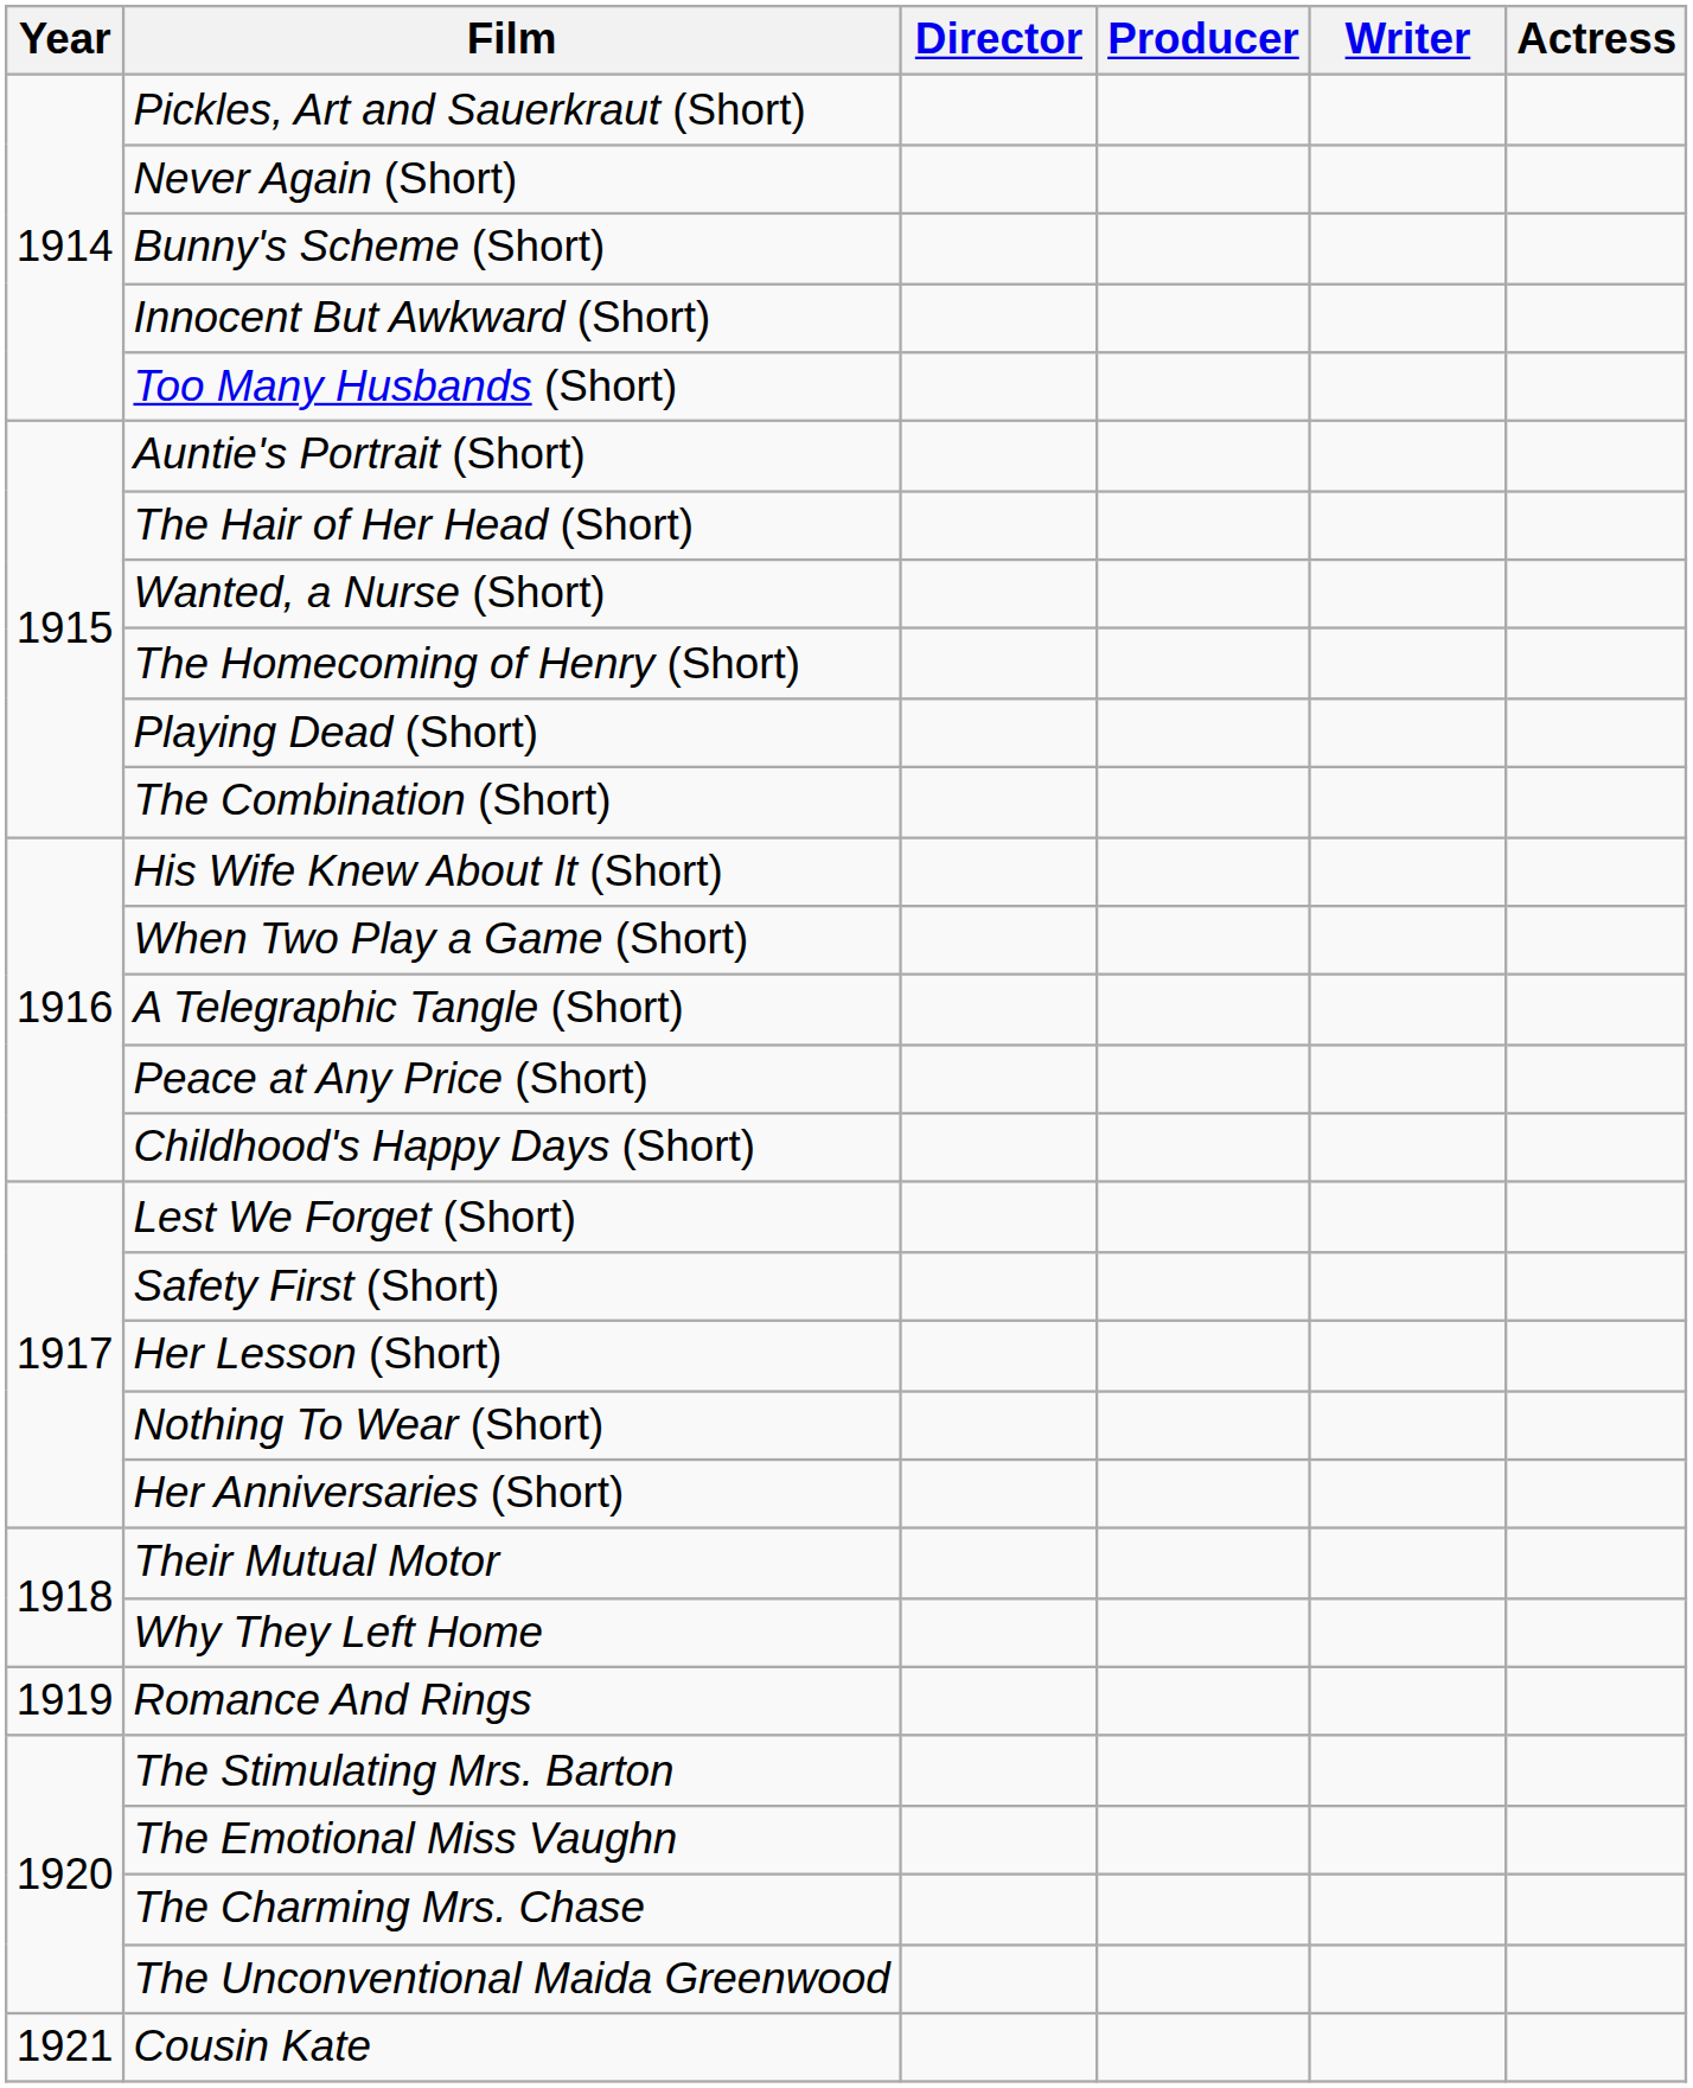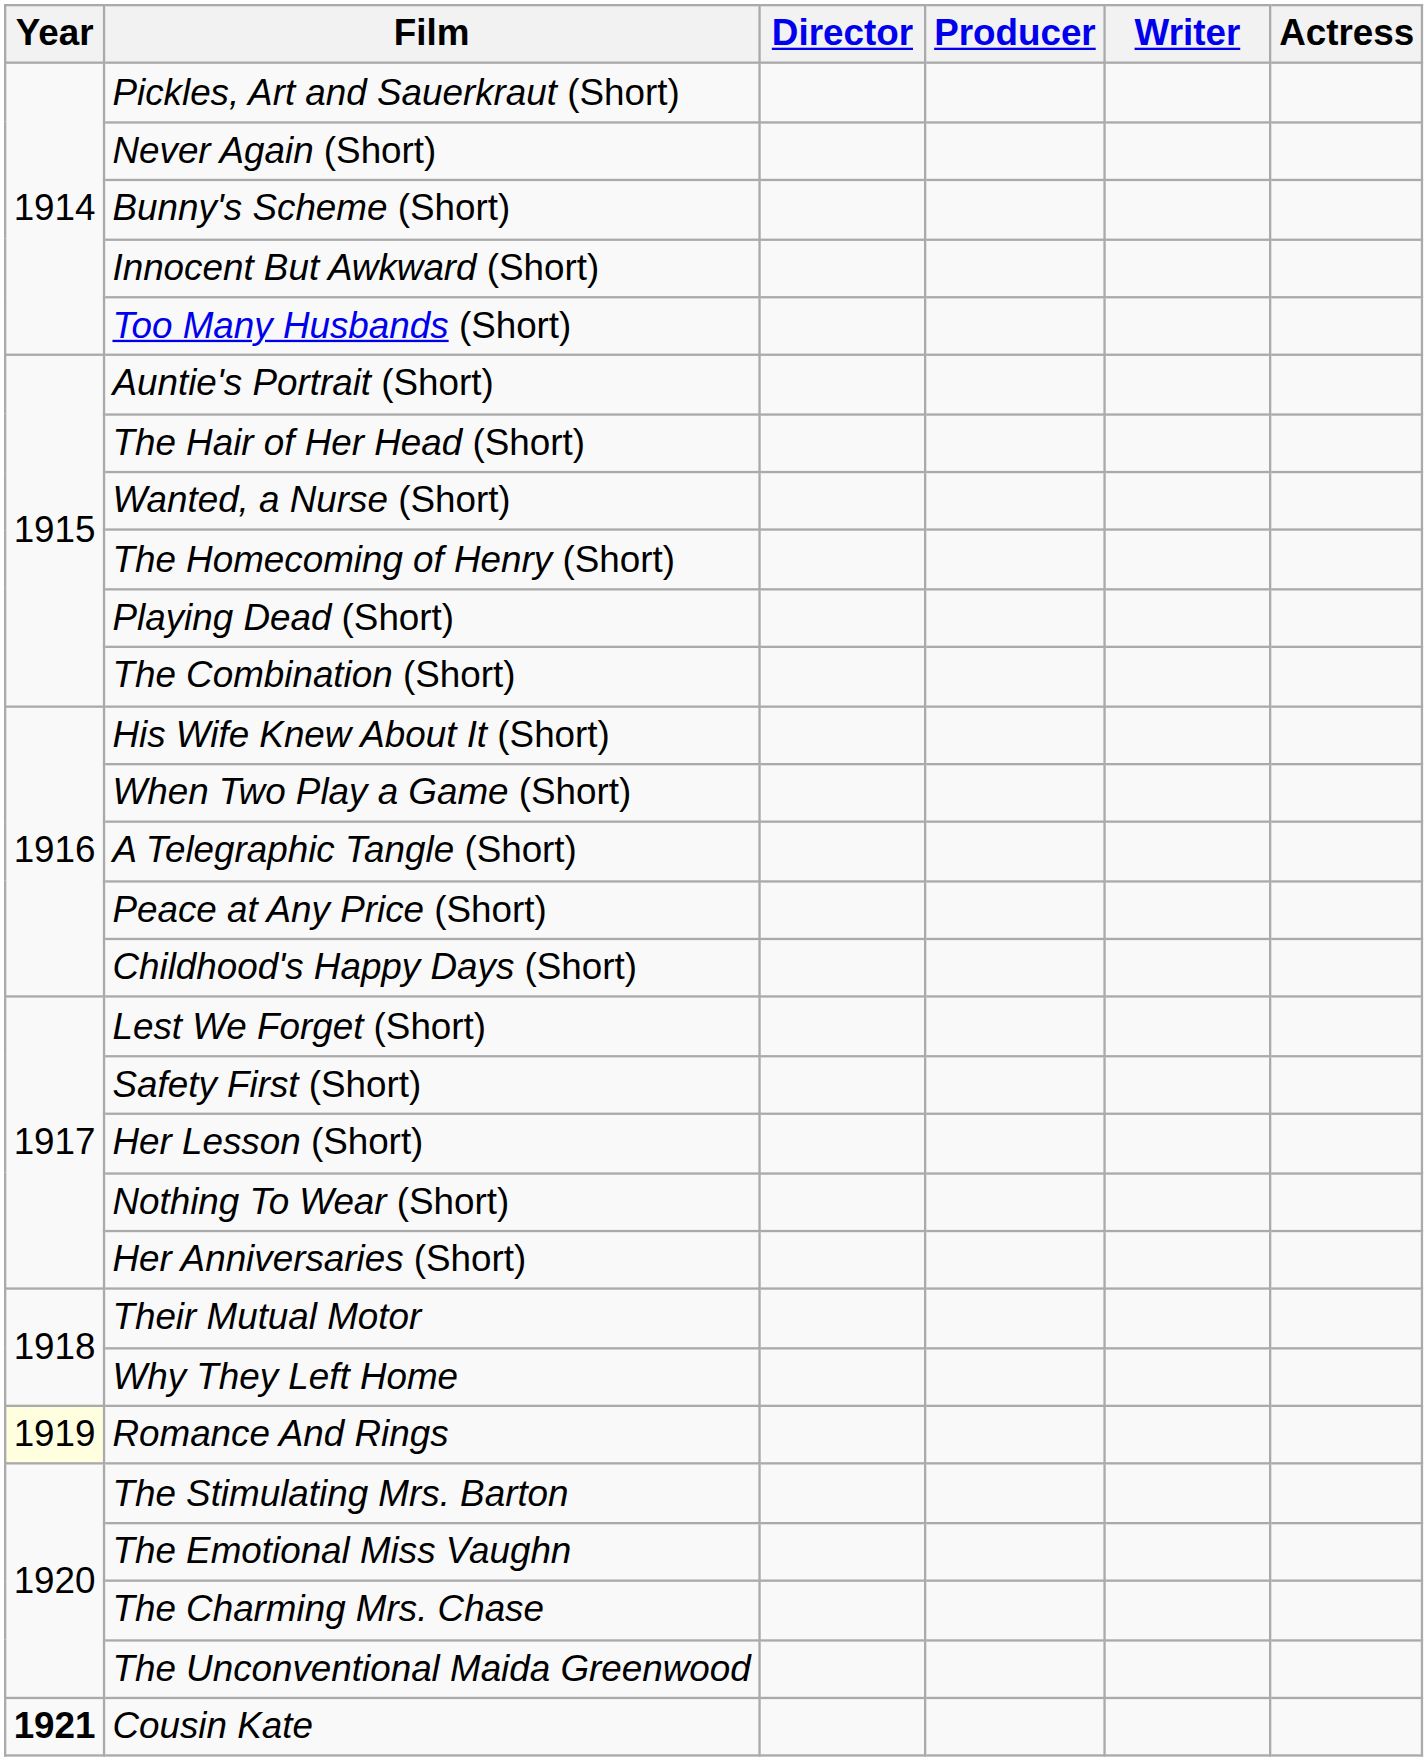 <table class="wikitable sortable" style="text-align:center">
 <tr>
 <th style="width:33px;">Year</th>
 <th>Film</th>
 <th style="width:65px;"><a href='#'>Director</a></th>
 <th width=65><a href='#'>Producer</a></th>
 <th width=65><a href='#'>Writer</a></th>
 <th>Actress</th>
 </tr>
 <tr>
 <td rowspan="5">1914</td>
 <td style="text-align:left"><em>Pickles, Art and Sauerkraut</em> (Short)</td>
 <td></td>
 <td></td>
 <td></td>
 <td></td>
 </tr>
 <tr>
 <td style="text-align:left"><em>Never Again</em> (Short)</td>
 <td></td>
 <td></td>
 <td></td>
 <td></td>
 </tr>
 <tr>
 <td style="text-align:left"><em>Bunny's Scheme</em> (Short)</td>
 <td></td>
 <td></td>
 <td></td>
 <td></td>
 </tr>
 <tr>
 <td style="text-align:left"><em>Innocent But Awkward</em> (Short)</td>
 <td></td>
 <td></td>
 <td></td>
 <td></td>
 </tr>
 <tr>
 <td style="text-align:left"><em><a href='#'>Too Many Husbands</a></em> (Short)</td>
 <td></td>
 <td></td>
 <td></td>
 <td></td>
 </tr>
 <tr>
 <td rowspan="6">1915</td>
 <td style="text-align:left"><em>Auntie's Portrait</em> (Short)</td>
 <td></td>
 <td></td>
 <td></td>
 <td></td>
 </tr>
 <tr>
 <td style="text-align:left"><em>The Hair of Her Head</em> (Short)</td>
 <td></td>
 <td></td>
 <td></td>
 <td></td>
 </tr>
 <tr>
 <td style="text-align:left"><em>Wanted, a Nurse</em> (Short)</td>
 <td></td>
 <td></td>
 <td></td>
 <td></td>
 </tr>
 <tr>
 <td style="text-align:left"><em>The Homecoming of Henry</em> (Short)</td>
 <td></td>
 <td></td>
 <td></td>
 <td></td>
 </tr>
 <tr>
 <td style="text-align:left"><em>Playing Dead</em> (Short)</td>
 <td></td>
 <td></td>
 <td></td>
 <td></td>
 </tr>
 <tr>
 <td style="text-align:left"><em>The Combination</em> (Short)</td>
 <td></td>
 <td></td>
 <td></td>
 <td></td>
 </tr>
 <tr>
 <td rowspan="5">1916</td>
 <td style="text-align:left"><em>His Wife Knew About It</em> (Short)</td>
 <td></td>
 <td></td>
 <td></td>
 <td></td>
 </tr>
 <tr>
 <td style="text-align:left"><em>When Two Play a Game</em> (Short)</td>
 <td></td>
 <td></td>
 <td></td>
 <td></td>
 </tr>
 <tr>
 <td style="text-align:left"><em>A Telegraphic Tangle</em> (Short)</td>
 <td></td>
 <td></td>
 <td></td>
 <td></td>
 </tr>
 <tr>
 <td style="text-align:left"><em>Peace at Any Price</em> (Short)</td>
 <td></td>
 <td></td>
 <td></td>
 <td></td>
 </tr>
 <tr>
 <td style="text-align:left"><em>Childhood's Happy Days</em> (Short)</td>
 <td></td>
 <td></td>
 <td></td>
 <td></td>
 </tr>
 <tr>
 <td rowspan="5">1917</td>
 <td style="text-align:left"><em>Lest We Forget</em> (Short)</td>
 <td></td>
 <td></td>
 <td></td>
 <td></td>
 </tr>
 <tr>
 <td style="text-align:left"><em>Safety First</em> (Short)</td>
 <td></td>
 <td></td>
 <td></td>
 <td></td>
 </tr>
 <tr>
 <td style="text-align:left"><em>Her Lesson</em> (Short)</td>
 <td></td>
 <td></td>
 <td></td>
 <td></td>
 </tr>
 <tr>
 <td style="text-align:left"><em>Nothing To Wear</em> (Short)</td>
 <td></td>
 <td></td>
 <td></td>
 <td></td>
 </tr>
 <tr>
 <td style="text-align:left"><em>Her Anniversaries</em> (Short)</td>
 <td></td>
 <td></td>
 <td></td>
 <td></td>
 </tr>
 <tr>
 <td rowspan="2">1918</td>
 <td style="text-align:left"><em>Their Mutual Motor</em></td>
 <td></td>
 <td></td>
 <td></td>
 <td></td>
 </tr>
 <tr>
 <td style="text-align:left"><em>Why They Left Home</em></td>
 <td></td>
 <td></td>
 <td></td>
 <td></td>
 </tr>
 <tr>
-<td>1919</td>
+<td style="background: lightyellow;">1919</td>
 <td style="text-align:left"><em>Romance And Rings</em></td>
 <td></td>
 <td></td>
 <td></td>
 <td></td>
 </tr>
 <tr>
 <td rowspan="4">1920</td>
 <td style="text-align:left"><em>The Stimulating Mrs. Barton</em></td>
 <td></td>
 <td></td>
 <td></td>
 <td></td>
 </tr>
 <tr>
 <td style="text-align:left"><em>The Emotional Miss Vaughn</em></td>
 <td></td>
 <td></td>
 <td></td>
 <td></td>
 </tr>
 <tr>
 <td style="text-align:left"><em>The Charming Mrs. Chase </em></td>
 <td></td>
 <td></td>
 <td></td>
 <td></td>
 </tr>
 <tr>
 <td style="text-align:left"><em>The Unconventional Maida Greenwood</em></td>
 <td></td>
 <td></td>
 <td></td>
 <td></td>
 </tr>
 <tr>
-<td>1921</td>
+<td><strong>1921</strong></td>
 <td style="text-align:left"><em>Cousin Kate</em></td>
 <td></td>
 <td></td>
 <td></td>
 <td></td>
 </tr>
 </table>
